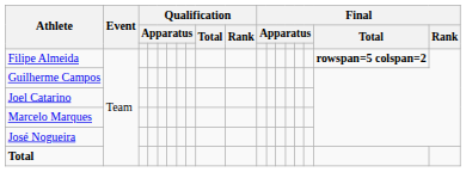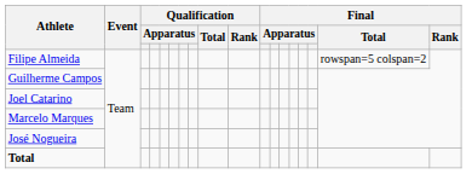 <table class="wikitable" style="font-size:90%">
 <tr>
 <th rowspan=3>Athlete</th>
 <th rowspan=3>Event</th>
 <th colspan =8>Qualification</th>
 <th colspan =8>Final</th>
 </tr>
 <tr style="font-size:95%">
 <th colspan=6>Apparatus</th>
 <th rowspan=2>Total</th>
 <th rowspan=2>Rank</th>
 <th colspan=6>Apparatus</th>
 <th rowspan=2>Total</th>
 <th rowspan=2>Rank</th>
 </tr>
 <tr style="font-size:95%">
 <th></th>
 <th></th>
 <th></th>
 <th></th>
 <th></th>
 <th></th>
 <th></th>
 <th></th>
 <th></th>
 <th></th>
 <th></th>
 <th></th>
 </tr>
 <tr align=center>
 <td align=left><a href='#'>Filipe Almeida</a></td>
 <td align=left rowspan=6>Team</td>
 <td></td>
 <td></td>
 <td></td>
 <td></td>
 <td></td>
 <td></td>
 <td></td>
 <td></td>
 <td></td>
 <td></td>
 <td></td>
 <td></td>
 <td></td>
 <td></td>
-<td><strong>rowspan=5 colspan=2</strong></td>
+<td>rowspan=5 colspan=2</td>
 </tr>
 <tr align=center>
 <td align=left><a href='#'>Guilherme Campos</a></td>
 <td></td>
 <td></td>
 <td></td>
 <td></td>
 <td></td>
 <td></td>
 <td></td>
 <td></td>
 <td></td>
 <td></td>
 <td></td>
 <td></td>
 <td></td>
 <td></td>
 </tr>
 <tr align=center>
 <td align=left><a href='#'>Joel Catarino</a></td>
 <td></td>
 <td></td>
 <td></td>
 <td></td>
 <td></td>
 <td></td>
 <td></td>
 <td></td>
 <td></td>
 <td></td>
 <td></td>
 <td></td>
 <td></td>
 <td></td>
 </tr>
 <tr align=center>
 <td align=left><a href='#'>Marcelo Marques</a></td>
 <td></td>
 <td></td>
 <td></td>
 <td></td>
 <td></td>
 <td></td>
 <td></td>
 <td></td>
 <td></td>
 <td></td>
 <td></td>
 <td></td>
 <td></td>
 <td></td>
 </tr>
 <tr align=center>
 <td align=left><a href='#'>José Nogueira</a></td>
 <td></td>
 <td></td>
 <td></td>
 <td></td>
 <td></td>
 <td></td>
 <td></td>
 <td></td>
 <td></td>
 <td></td>
 <td></td>
 <td></td>
 <td></td>
 <td></td>
 </tr>
 <tr align=center>
 <td align=left><strong>Total</strong></td>
 <td></td>
 <td></td>
 <td></td>
 <td></td>
 <td></td>
 <td></td>
 <td></td>
 <td></td>
 <td></td>
 <td></td>
 <td></td>
 <td></td>
 <td></td>
 <td></td>
 <td></td>
 <td></td>
 </tr>
 </table>
